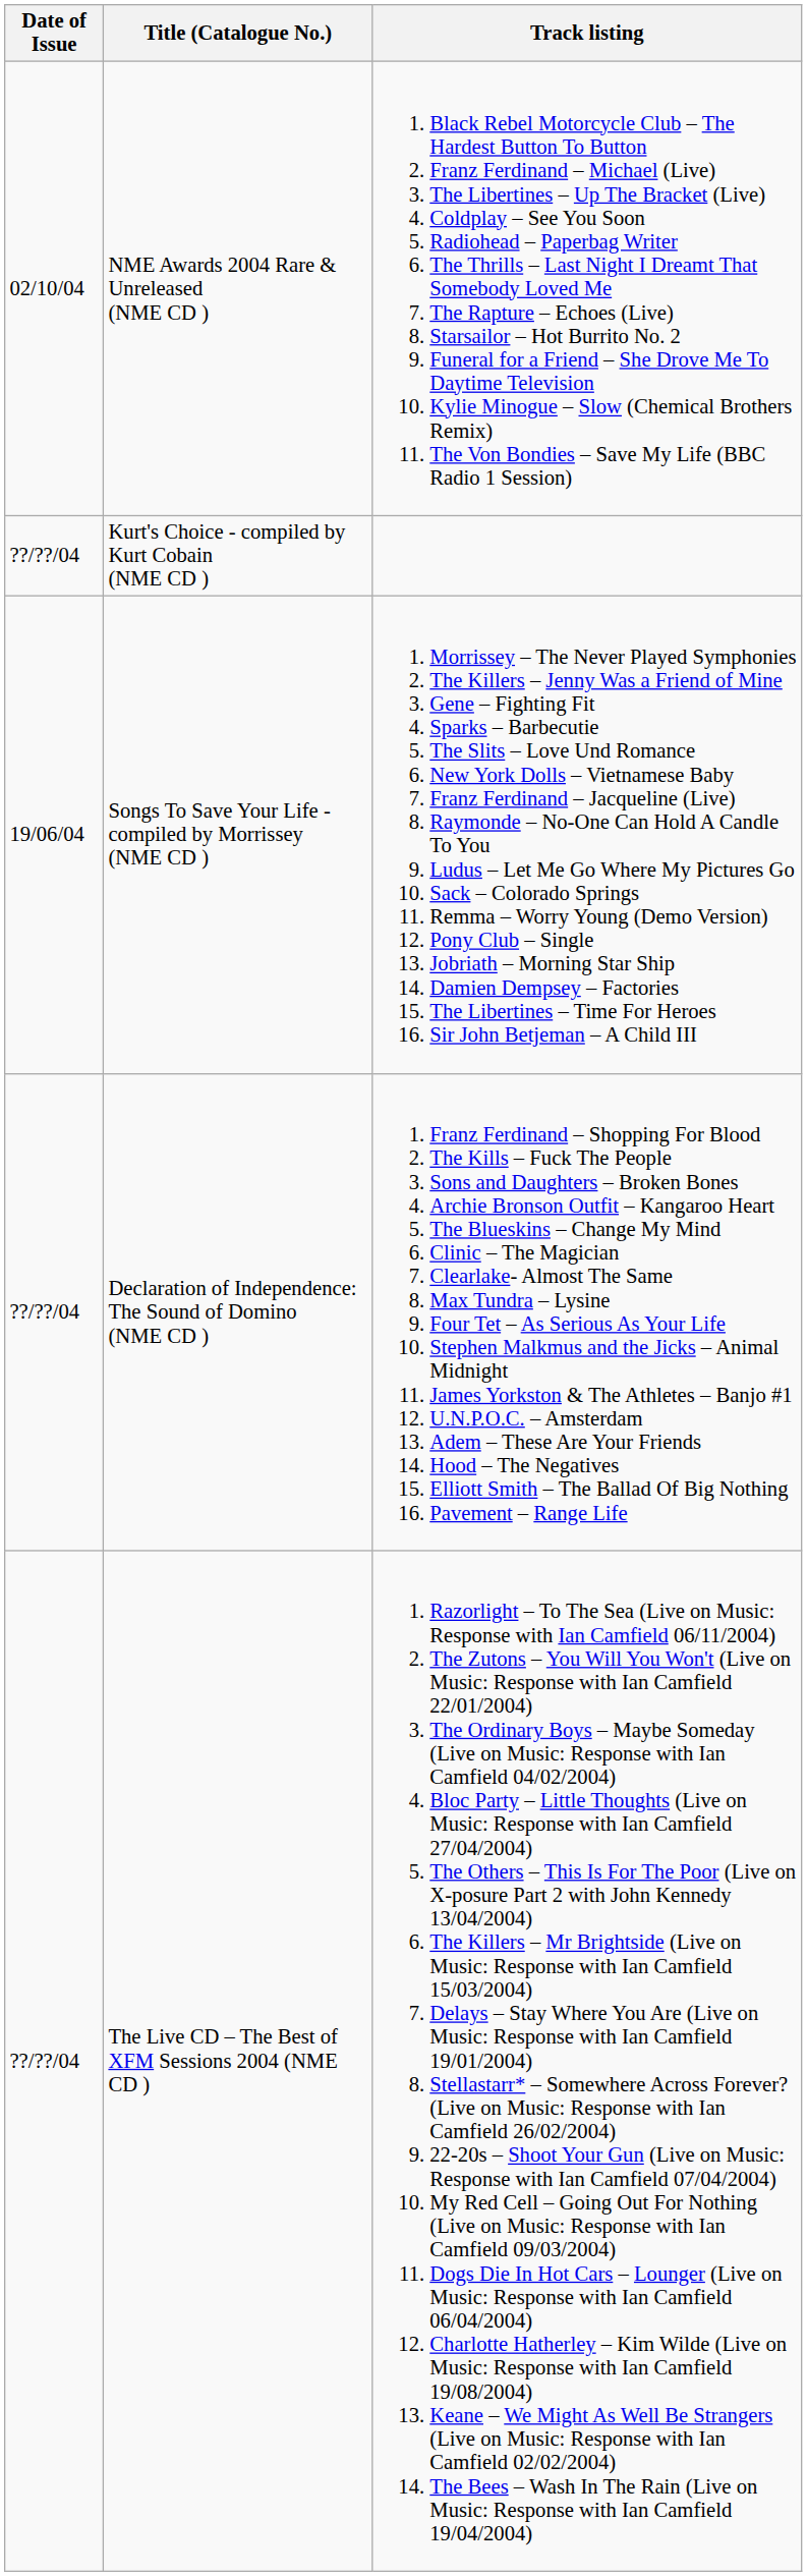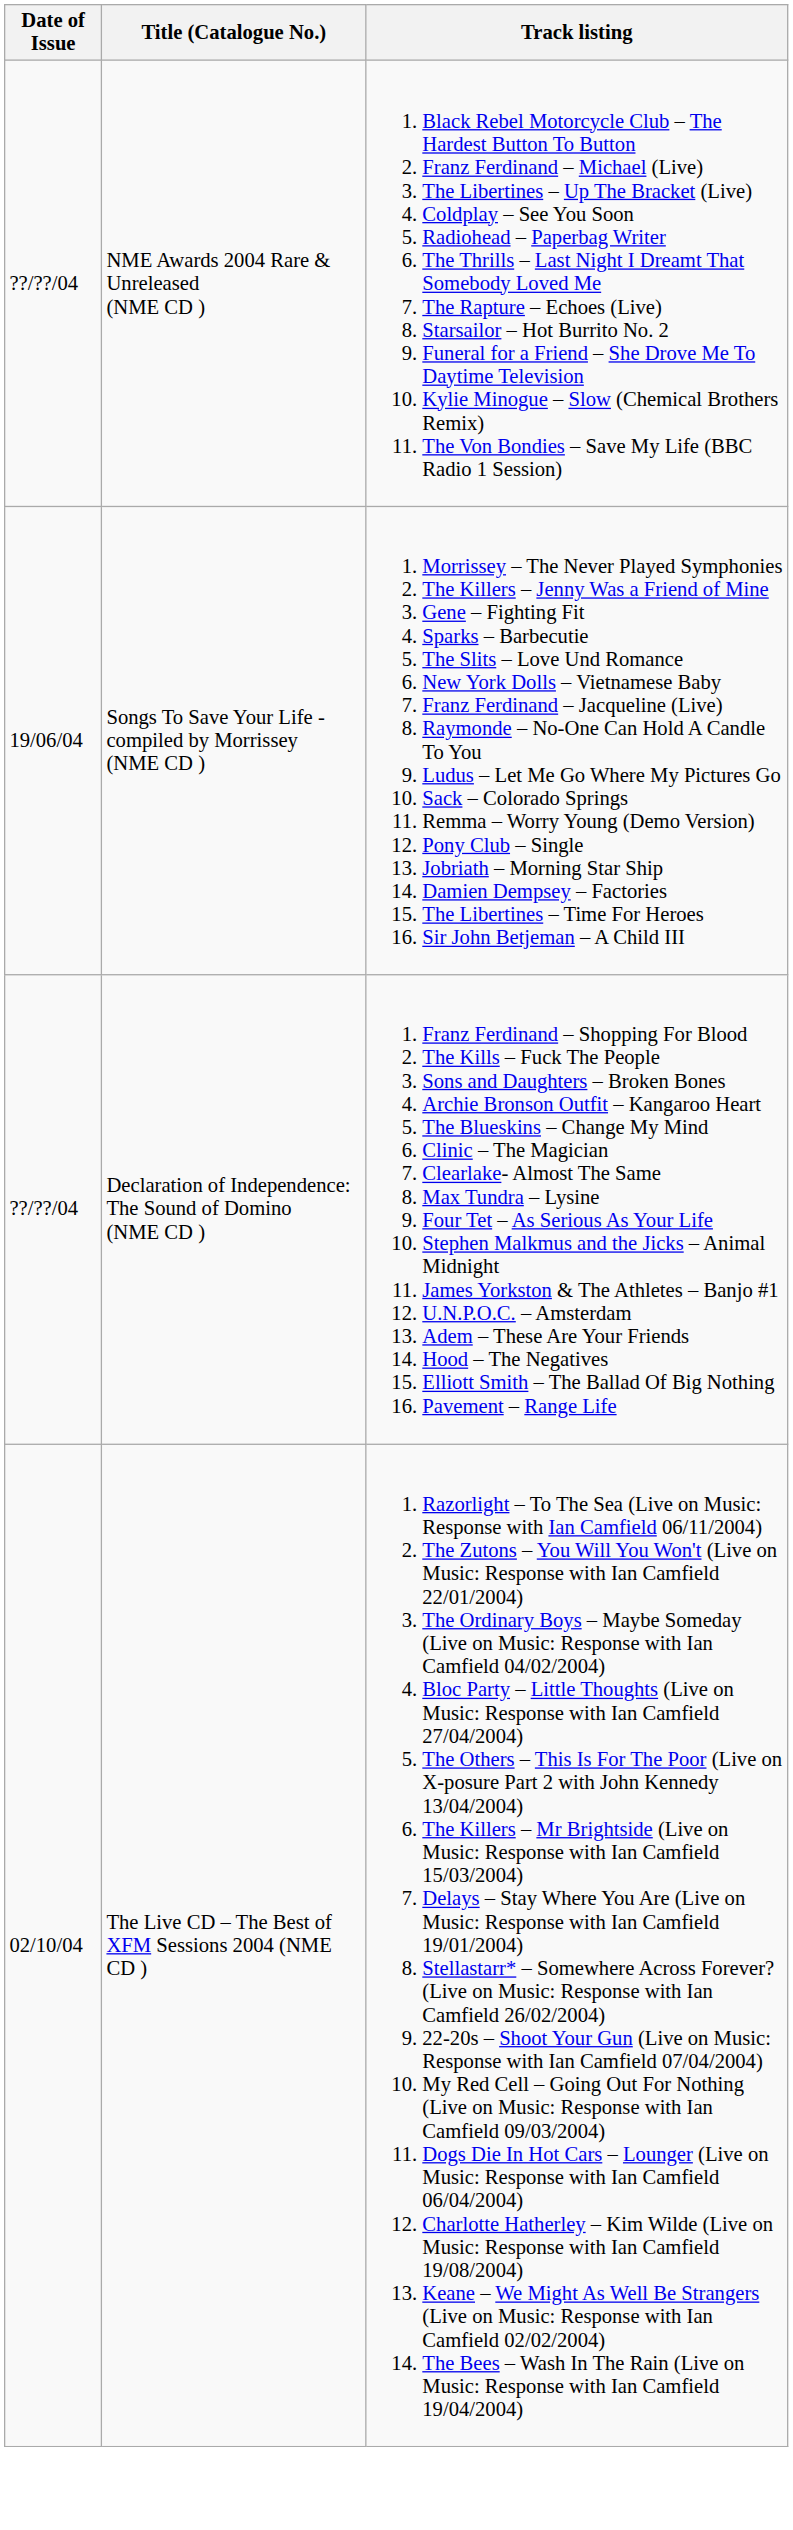 <table class="wikitable">
 <tr>
 <th>Date of Issue</th>
 <th>Title (Catalogue No.)</th>
 <th>Track listing</th>
 </tr>
 <tr>
-<td>02/10/04</td>
+<td>??/??/04</td>
 <td>NME Awards 2004 Rare & Unreleased<br>(NME CD )</td>
 <td><br><ol><li><a href='#'>Black Rebel Motorcycle Club</a> – <a href='#'>The Hardest Button To Button</a></li><li><a href='#'>Franz Ferdinand</a> – <a href='#'>Michael</a> (Live)</li><li><a href='#'>The Libertines</a> – <a href='#'>Up The Bracket</a> (Live)</li><li><a href='#'>Coldplay</a> – See You Soon</li><li><a href='#'>Radiohead</a> – <a href='#'>Paperbag Writer</a></li><li><a href='#'>The Thrills</a> – <a href='#'>Last Night I Dreamt That Somebody Loved Me</a></li><li><a href='#'>The Rapture</a> – Echoes (Live)</li><li><a href='#'>Starsailor</a> – Hot Burrito No. 2</li><li><a href='#'>Funeral for a Friend</a> – <a href='#'>She Drove Me To Daytime Television</a></li><li><a href='#'>Kylie Minogue</a> – <a href='#'>Slow</a> (Chemical Brothers Remix)</li><li><a href='#'>The Von Bondies</a> – Save My Life (BBC Radio 1 Session)</li></ol></td>
-</tr>
-<tr>
-<td>??/??/04</td>
-<td>Kurt's Choice - compiled by Kurt Cobain<br>(NME CD )</td>
-<td></td>
 </tr>
 <tr>
 <td>19/06/04</td>
 <td>Songs To Save Your Life - compiled by Morrissey<br>(NME CD )</td>
 <td><br><ol><li><a href='#'>Morrissey</a> – The Never Played Symphonies</li><li><a href='#'>The Killers</a> – <a href='#'>Jenny Was a Friend of Mine</a></li><li><a href='#'>Gene</a> – Fighting Fit</li><li><a href='#'>Sparks</a> – Barbecutie</li><li><a href='#'>The Slits</a> – Love Und Romance</li><li><a href='#'>New York Dolls</a> – Vietnamese Baby</li><li><a href='#'>Franz Ferdinand</a> – Jacqueline (Live)</li><li><a href='#'>Raymonde</a> – No-One Can Hold A Candle To You</li><li><a href='#'>Ludus</a> – Let Me Go Where My Pictures Go</li><li><a href='#'>Sack</a> – Colorado Springs</li><li>Remma – Worry Young (Demo Version)</li><li><a href='#'>Pony Club</a> – Single</li><li><a href='#'>Jobriath</a> – Morning Star Ship</li><li><a href='#'>Damien Dempsey</a> – Factories</li><li><a href='#'>The Libertines</a> – Time For Heroes</li><li><a href='#'>Sir John Betjeman</a> – A Child III</li></ol></td>
 </tr>
 <tr>
 <td>??/??/04</td>
 <td>Declaration of Independence: The Sound of Domino<br>(NME CD )</td>
 <td><br><ol><li><a href='#'>Franz Ferdinand</a> – Shopping For Blood</li><li><a href='#'>The Kills</a> – Fuck The People</li><li><a href='#'>Sons and Daughters</a> – Broken Bones</li><li><a href='#'>Archie Bronson Outfit</a> – Kangaroo Heart</li><li><a href='#'>The Blueskins</a> – Change My Mind</li><li><a href='#'>Clinic</a> – The Magician</li><li><a href='#'>Clearlake</a>- Almost The Same</li><li><a href='#'>Max Tundra</a> – Lysine</li><li><a href='#'>Four Tet</a> – <a href='#'>As Serious As Your Life</a></li><li><a href='#'>Stephen Malkmus and the Jicks</a> – Animal Midnight</li><li><a href='#'>James Yorkston</a> & The Athletes – Banjo #1</li><li><a href='#'>U.N.P.O.C.</a> – Amsterdam</li><li><a href='#'>Adem</a> – These Are Your Friends</li><li><a href='#'>Hood</a> – The Negatives</li><li><a href='#'>Elliott Smith</a> – The Ballad Of Big Nothing</li><li><a href='#'>Pavement</a> – <a href='#'>Range Life</a></li></ol></td>
 </tr>
 <tr>
-<td>??/??/04</td>
+<td>02/10/04</td>
 <td>The Live CD – The Best of <a href='#'>XFM</a> Sessions 2004 (NME CD )</td>
 <td><br><ol><li><a href='#'>Razorlight</a> – To The Sea (Live on Music: Response with <a href='#'>Ian Camfield</a> 06/11/2004)</li><li><a href='#'>The Zutons</a> – <a href='#'>You Will You Won't</a> (Live on Music: Response with Ian Camfield 22/01/2004)</li><li><a href='#'>The Ordinary Boys</a> – Maybe Someday (Live on Music: Response with Ian Camfield 04/02/2004)</li><li><a href='#'>Bloc Party</a> – <a href='#'>Little Thoughts</a> (Live on Music: Response with Ian Camfield 27/04/2004)</li><li><a href='#'>The Others</a> – <a href='#'>This Is For The Poor</a> (Live on X-posure Part 2 with John Kennedy 13/04/2004)</li><li><a href='#'>The Killers</a> – <a href='#'>Mr Brightside</a> (Live on Music: Response with Ian Camfield 15/03/2004)</li><li><a href='#'>Delays</a> – Stay Where You Are (Live on Music: Response with Ian Camfield 19/01/2004)</li><li><a href='#'>Stellastarr*</a> – Somewhere Across Forever? (Live on Music: Response with Ian Camfield 26/02/2004)</li><li>22-20s – <a href='#'>Shoot Your Gun</a> (Live on Music: Response with Ian Camfield 07/04/2004)</li><li>My Red Cell – Going Out For Nothing (Live on Music: Response with Ian Camfield 09/03/2004)</li><li><a href='#'>Dogs Die In Hot Cars</a> – <a href='#'>Lounger</a> (Live on Music: Response with Ian Camfield 06/04/2004)</li><li><a href='#'>Charlotte Hatherley</a> – Kim Wilde (Live on Music: Response with Ian Camfield 19/08/2004)</li><li><a href='#'>Keane</a> – <a href='#'>We Might As Well Be Strangers</a> (Live on Music: Response with Ian Camfield 02/02/2004)</li><li><a href='#'>The Bees</a> – Wash In The Rain (Live on Music: Response with Ian Camfield 19/04/2004)</li></ol></td>
 </tr>
 </table>
